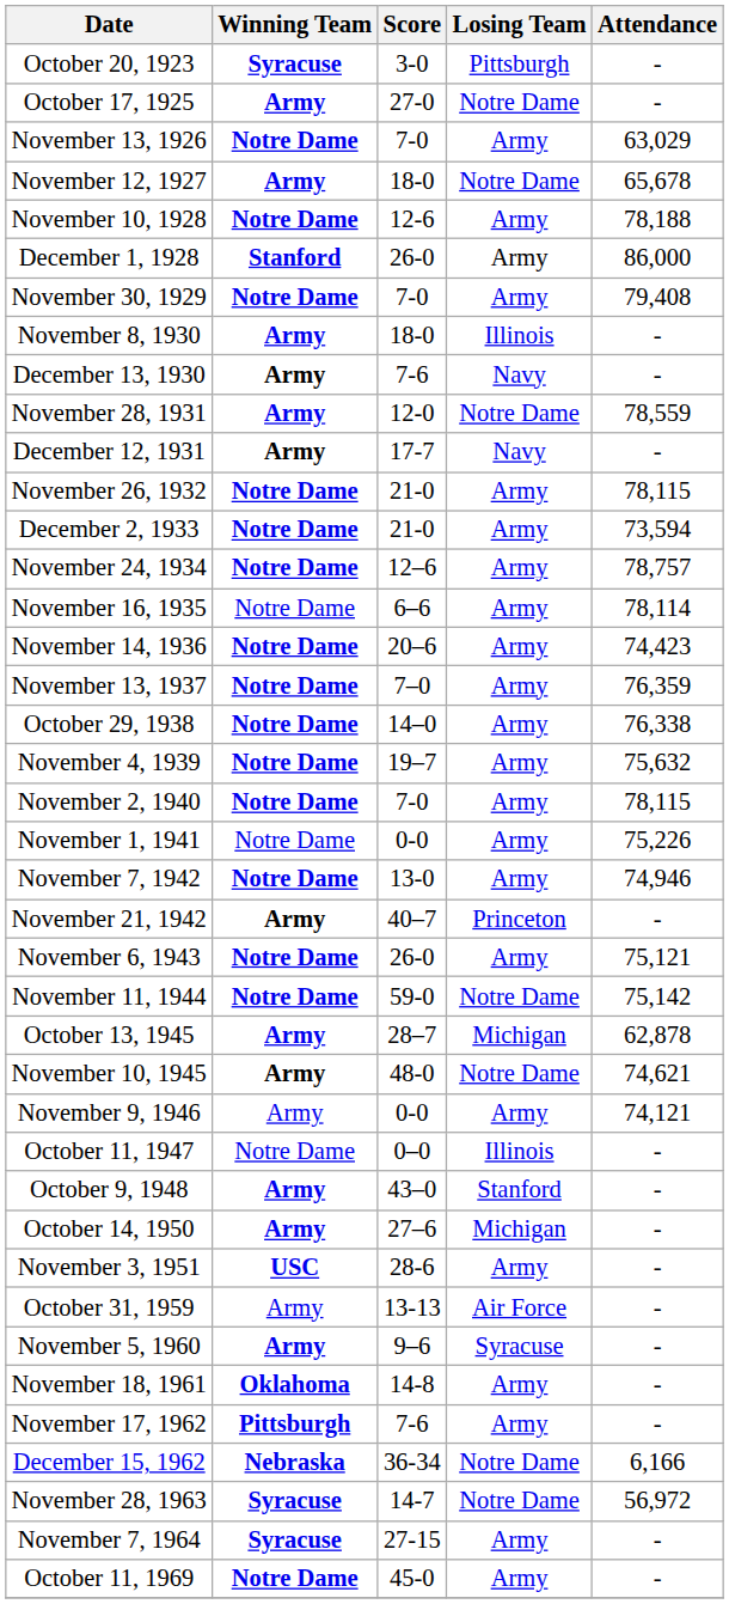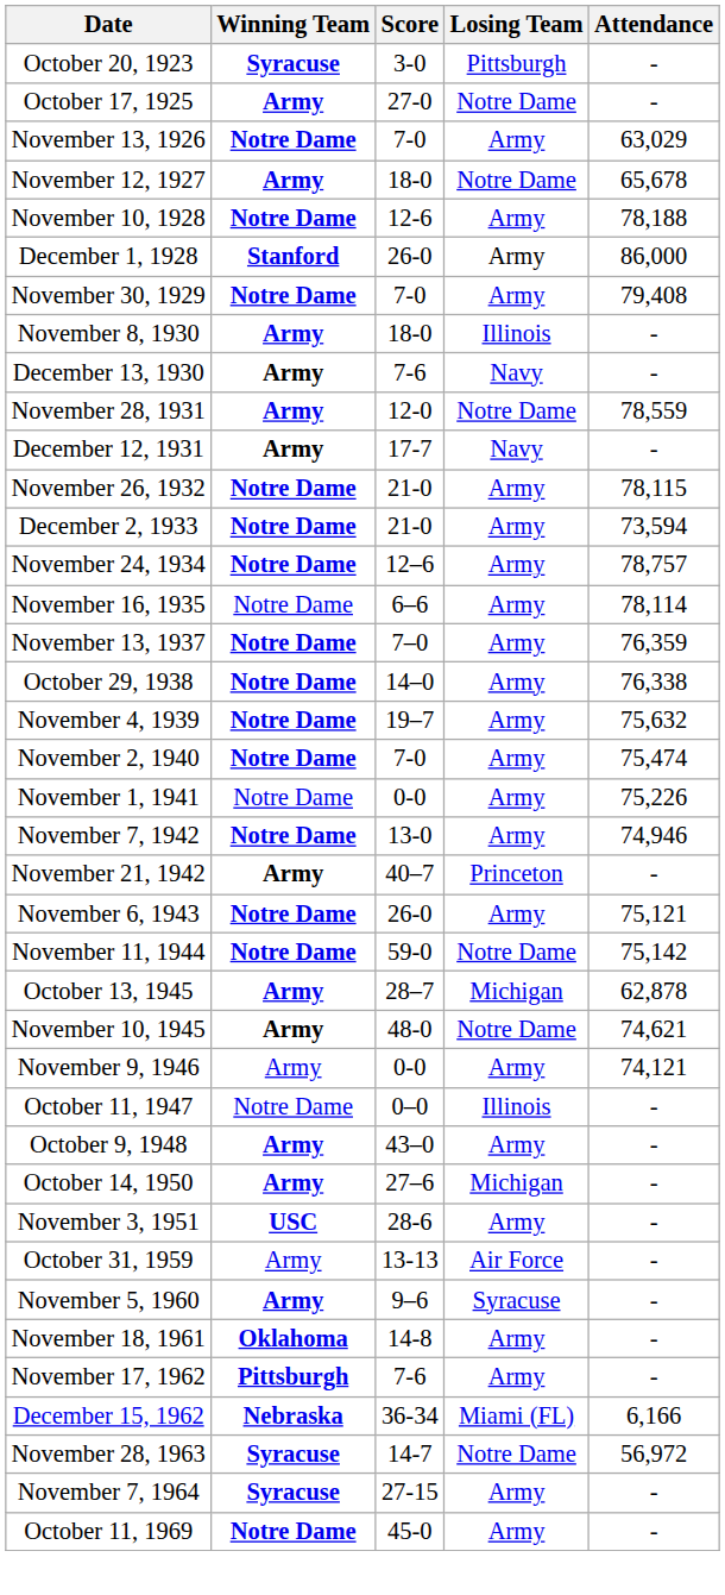 <table class="wikitable" align=center style="margin-left:15px; text-align:center; background:#ffffff;">
 <tr>
 <th style="text-align:center; ">Date</th>
 <th style="text-align:center; ">Winning Team</th>
 <th style="text-align:center; ">Score</th>
 <th style="text-align:center; ">Losing Team</th>
 <th style="text-align:center; ">Attendance</th>
 </tr>
 <tr>
 <td>October 20, 1923</td>
 <td><strong><a href='#'>Syracuse</a></strong></td>
 <td>3-0</td>
 <td><a href='#'>Pittsburgh</a></td>
 <td>-</td>
 </tr>
 <tr>
 <td>October 17, 1925</td>
 <td><strong><a href='#'>Army</a></strong></td>
 <td>27-0</td>
 <td><a href='#'>Notre Dame</a></td>
 <td>-</td>
 </tr>
 <tr>
 <td>November 13, 1926</td>
 <td><strong><a href='#'>Notre Dame</a></strong></td>
 <td>7-0</td>
 <td><a href='#'>Army</a></td>
 <td>63,029</td>
 </tr>
 <tr>
 <td>November 12, 1927</td>
 <td><strong><a href='#'>Army</a></strong></td>
 <td>18-0</td>
 <td><a href='#'>Notre Dame</a></td>
 <td>65,678</td>
 </tr>
 <tr>
 <td>November 10, 1928</td>
 <td><strong><a href='#'>Notre Dame</a></strong></td>
 <td>12-6</td>
 <td><a href='#'>Army</a></td>
 <td>78,188</td>
 </tr>
 <tr>
 <td>December 1, 1928</td>
 <td><strong><a href='#'>Stanford</a></strong></td>
 <td>26-0</td>
 <td>Army</td>
 <td>86,000</td>
 </tr>
 <tr>
 <td>November 30, 1929</td>
 <td><strong><a href='#'>Notre Dame</a></strong></td>
 <td>7-0</td>
 <td><a href='#'>Army</a></td>
 <td>79,408</td>
 </tr>
 <tr>
 <td>November 8, 1930</td>
 <td><strong><a href='#'>Army</a></strong></td>
 <td>18-0</td>
 <td><a href='#'>Illinois</a></td>
 <td>-</td>
 </tr>
 <tr>
 <td>December 13, 1930</td>
 <td><strong>Army</strong></td>
 <td>7-6</td>
 <td><a href='#'>Navy</a></td>
 <td>-</td>
 </tr>
 <tr>
 <td>November 28, 1931</td>
 <td><strong><a href='#'>Army</a></strong></td>
 <td>12-0</td>
 <td><a href='#'>Notre Dame</a></td>
 <td>78,559</td>
 </tr>
 <tr>
 <td>December 12, 1931</td>
 <td><strong>Army</strong></td>
 <td>17-7</td>
 <td><a href='#'>Navy</a></td>
 <td>-</td>
 </tr>
 <tr>
 <td>November 26, 1932</td>
 <td><strong><a href='#'>Notre Dame</a></strong></td>
 <td>21-0</td>
 <td><a href='#'>Army</a></td>
 <td>78,115</td>
 </tr>
 <tr>
 <td>December 2, 1933</td>
 <td><strong><a href='#'>Notre Dame</a></strong></td>
 <td>21-0</td>
 <td><a href='#'>Army</a></td>
 <td>73,594</td>
 </tr>
 <tr>
 <td>November 24, 1934</td>
 <td><strong><a href='#'>Notre Dame</a></strong></td>
 <td>12–6</td>
 <td><a href='#'>Army</a></td>
 <td>78,757</td>
 </tr>
 <tr>
 <td>November 16, 1935</td>
 <td><a href='#'>Notre Dame</a></td>
 <td>6–6</td>
 <td><a href='#'>Army</a></td>
 <td>78,114</td>
 </tr>
 <tr>
-<td>November 14, 1936</td>
-<td><strong><a href='#'>Notre Dame</a></strong></td>
-<td>20–6</td>
-<td><a href='#'>Army</a></td>
-<td>74,423</td>
-</tr>
-<tr>
 <td>November 13, 1937</td>
 <td><strong><a href='#'>Notre Dame</a></strong></td>
 <td>7–0</td>
 <td><a href='#'>Army</a></td>
 <td>76,359</td>
 </tr>
 <tr>
 <td>October 29, 1938</td>
 <td><strong><a href='#'>Notre Dame</a></strong></td>
 <td>14–0</td>
 <td><a href='#'>Army</a></td>
 <td>76,338</td>
 </tr>
 <tr>
 <td>November 4, 1939</td>
 <td><strong><a href='#'>Notre Dame</a></strong></td>
 <td>19–7</td>
 <td><a href='#'>Army</a></td>
 <td>75,632</td>
 </tr>
 <tr>
 <td>November 2, 1940</td>
 <td><strong><a href='#'>Notre Dame</a></strong></td>
 <td>7-0</td>
 <td><a href='#'>Army</a></td>
-<td>78,115</td>
+<td>75,474</td>
 </tr>
 <tr>
 <td>November 1, 1941</td>
 <td><a href='#'>Notre Dame</a></td>
 <td>0-0</td>
 <td><a href='#'>Army</a></td>
 <td>75,226</td>
 </tr>
 <tr>
 <td>November 7, 1942</td>
 <td><strong><a href='#'>Notre Dame</a></strong></td>
 <td>13-0</td>
 <td><a href='#'>Army</a></td>
 <td>74,946</td>
 </tr>
 <tr>
 <td>November 21, 1942</td>
 <td><strong>Army</strong></td>
 <td>40–7</td>
 <td><a href='#'>Princeton</a></td>
 <td>-</td>
 </tr>
 <tr>
 <td>November 6, 1943</td>
 <td><strong><a href='#'>Notre Dame</a></strong></td>
 <td>26-0</td>
 <td><a href='#'>Army</a></td>
 <td>75,121</td>
 </tr>
 <tr>
 <td>November 11, 1944</td>
 <td><strong><a href='#'>Notre Dame</a></strong></td>
 <td>59-0</td>
 <td><a href='#'>Notre Dame</a></td>
 <td>75,142</td>
 </tr>
 <tr>
 <td>October 13, 1945</td>
 <td><strong><a href='#'>Army</a></strong></td>
 <td>28–7</td>
 <td><a href='#'>Michigan</a></td>
 <td>62,878</td>
 </tr>
 <tr>
 <td>November 10, 1945</td>
 <td><strong>Army</strong></td>
 <td>48-0</td>
 <td><a href='#'>Notre Dame</a></td>
 <td>74,621</td>
 </tr>
 <tr>
 <td>November 9, 1946</td>
 <td><a href='#'>Army</a></td>
 <td>0-0</td>
 <td><a href='#'>Army</a></td>
 <td>74,121</td>
 </tr>
 <tr>
 <td>October 11, 1947</td>
 <td><a href='#'>Notre Dame</a></td>
 <td>0–0</td>
 <td><a href='#'>Illinois</a></td>
 <td>-</td>
 </tr>
 <tr>
 <td>October 9, 1948</td>
 <td><strong><a href='#'>Army</a></strong></td>
 <td>43–0</td>
-<td><a href='#'>Stanford</a></td>
+<td><a href='#'>Army</a></td>
 <td>-</td>
 </tr>
 <tr>
 <td>October 14, 1950</td>
 <td><strong><a href='#'>Army</a></strong></td>
 <td>27–6</td>
 <td><a href='#'>Michigan</a></td>
 <td>-</td>
 </tr>
 <tr>
 <td>November 3, 1951</td>
 <td><strong><a href='#'>USC</a></strong></td>
 <td>28-6</td>
 <td><a href='#'>Army</a></td>
 <td>-</td>
 </tr>
 <tr>
 <td>October 31, 1959</td>
 <td><a href='#'>Army</a></td>
 <td>13-13</td>
 <td><a href='#'>Air Force</a></td>
 <td>-</td>
 </tr>
 <tr>
 <td>November 5, 1960</td>
 <td><strong><a href='#'>Army</a></strong></td>
 <td>9–6</td>
 <td><a href='#'>Syracuse</a></td>
 <td>-</td>
 </tr>
 <tr>
 <td>November 18, 1961</td>
 <td><strong><a href='#'>Oklahoma</a></strong></td>
 <td>14-8</td>
 <td><a href='#'>Army</a></td>
 <td>-</td>
 </tr>
 <tr>
 <td>November 17, 1962</td>
 <td><strong><a href='#'>Pittsburgh</a></strong></td>
 <td>7-6</td>
 <td><a href='#'>Army</a></td>
 <td>-</td>
 </tr>
 <tr>
 <td><a href='#'>December 15, 1962</a></td>
 <td><strong><a href='#'>Nebraska</a></strong></td>
 <td>36-34</td>
-<td><a href='#'>Notre Dame</a></td>
+<td><a href='#'>Miami (FL)</a></td>
 <td>6,166</td>
 </tr>
 <tr>
 <td>November 28, 1963</td>
 <td><strong><a href='#'>Syracuse</a></strong></td>
 <td>14-7</td>
 <td><a href='#'>Notre Dame</a></td>
 <td>56,972</td>
 </tr>
 <tr>
 <td>November 7, 1964</td>
 <td><strong><a href='#'>Syracuse</a></strong></td>
 <td>27-15</td>
 <td><a href='#'>Army</a></td>
 <td>-</td>
 </tr>
 <tr>
 <td>October 11, 1969</td>
 <td><strong><a href='#'>Notre Dame</a></strong></td>
 <td>45-0</td>
 <td><a href='#'>Army</a></td>
 <td>-</td>
 </tr>
 <tr>
 </tr>
 </table>
